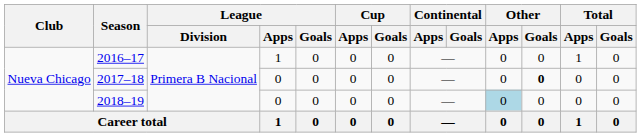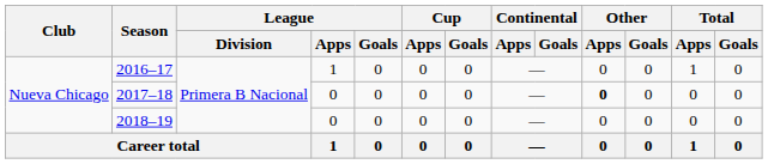 <table class="wikitable" style="text-align:center">
 <tr>
 <th rowspan="2">Club</th>
 <th rowspan="2">Season</th>
 <th colspan="3">League</th>
 <th colspan="2">Cup</th>
 <th colspan="2">Continental</th>
 <th colspan="2">Other</th>
 <th colspan="2">Total</th>
 </tr>
 <tr>
 <th>Division</th>
 <th>Apps</th>
 <th>Goals</th>
 <th>Apps</th>
 <th>Goals</th>
 <th>Apps</th>
 <th>Goals</th>
 <th>Apps</th>
 <th>Goals</th>
 <th>Apps</th>
 <th>Goals</th>
 </tr>
 <tr>
 <td rowspan="3"><a href='#'>Nueva Chicago</a></td>
 <td><a href='#'>2016–17</a></td>
 <td rowspan="3"><a href='#'>Primera B Nacional</a></td>
 <td>1</td>
 <td>0</td>
 <td>0</td>
 <td>0</td>
 <td colspan="2">—</td>
 <td>0</td>
 <td>0</td>
 <td>1</td>
 <td>0</td>
 </tr>
 <tr>
 <td><a href='#'>2017–18</a></td>
 <td>0</td>
 <td>0</td>
 <td>0</td>
 <td>0</td>
 <td colspan="2">—</td>
+<td><strong>0</strong></td>
 <td>0</td>
-<td><strong>0</strong></td>
 <td>0</td>
 <td>0</td>
 </tr>
 <tr>
 <td><a href='#'>2018–19</a></td>
 <td>0</td>
 <td>0</td>
 <td>0</td>
 <td>0</td>
 <td colspan="2">—</td>
-<td style="background: lightblue;">0</td>
+<td>0</td>
 <td>0</td>
 <td>0</td>
 <td>0</td>
 </tr>
 <tr>
 <th colspan="3">Career total</th>
 <th>1</th>
 <th>0</th>
 <th>0</th>
 <th>0</th>
 <th colspan="2">—</th>
 <th>0</th>
 <th>0</th>
 <th>1</th>
 <th>0</th>
 </tr>
 </table>
